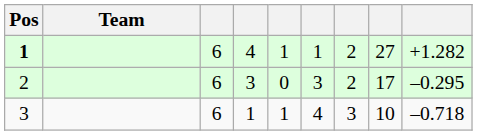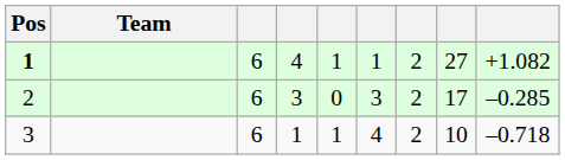 <table class="wikitable" style="text-align:center">
 <tr>
 <th>Pos</th>
 <th width="120">Team</th>
 <th width="20"></th>
 <th width="20"></th>
 <th width="20"></th>
 <th width="20"></th>
 <th width="20"></th>
 <th width="20"></th>
 <th width="50"><a href='#'></a></th>
 </tr>
 <tr bgcolor="#ddffdd">
 <td><strong>1</strong></td>
 <td align="left"></td>
 <td>6</td>
 <td>4</td>
 <td>1</td>
 <td>1</td>
 <td>2</td>
 <td>27</td>
-<td>+1.282</td>
+<td>+1.082</td>
 </tr>
 <tr bgcolor="#ddffdd">
 <td>2</td>
 <td align="left"></td>
 <td>6</td>
 <td>3</td>
 <td>0</td>
 <td>3</td>
 <td>2</td>
 <td>17</td>
-<td>–0.295</td>
+<td>–0.285</td>
 </tr>
 <tr>
 <td>3</td>
 <td align="left"></td>
 <td>6</td>
 <td>1</td>
 <td>1</td>
 <td>4</td>
-<td>3</td>
+<td>2</td>
 <td>10</td>
 <td>–0.718</td>
 </tr>
 </table>
